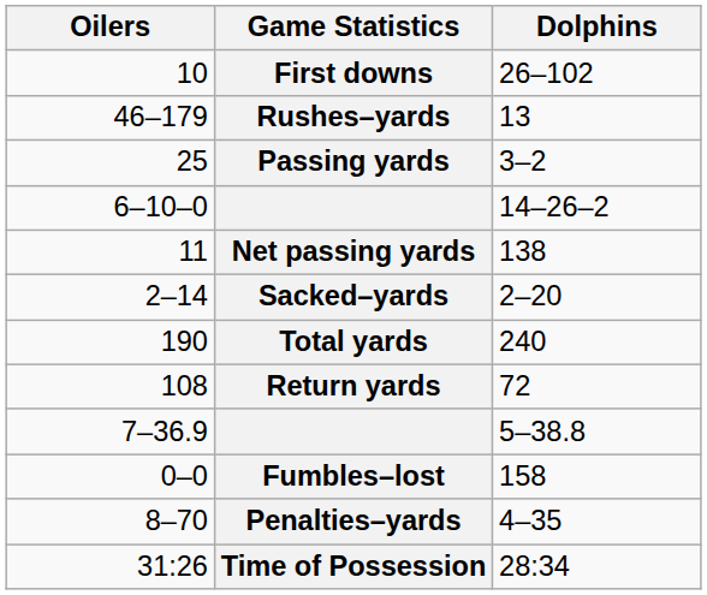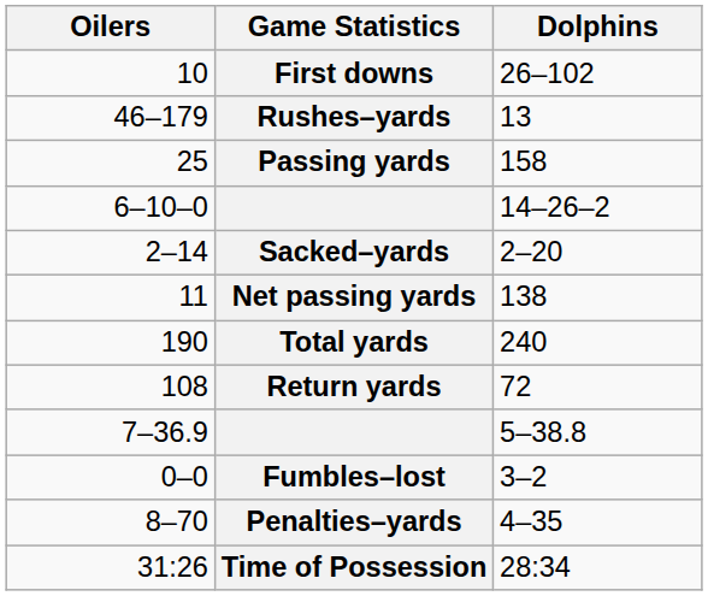 <table class="wikitable" style="margin: 1em auto 1em auto">
 <tr>
 <th style="width:30%;">Oilers</th>
 <th style="width:40%;">Game Statistics</th>
 <th style="width:30%;">Dolphins</th>
 </tr>
 <tr>
 <td style="text-align:right;">10</td>
 <th>First downs</th>
 <td>26–102</td>
 </tr>
 <tr>
 <td style="text-align:right;">46–179</td>
 <th>Rushes–yards</th>
 <td>13</td>
 </tr>
 <tr>
 <td style="text-align:right;">25</td>
 <th>Passing yards</th>
-<td>3–2</td>
+<td>158</td>
 </tr>
 <tr>
 <td style="text-align:right;">6–10–0</td>
 <th></th>
 <td>14–26–2</td>
 </tr>
 <tr>
+<td style="text-align:right;">2–14</td>
+<th>Sacked–yards</th>
+<td>2–20</td>
+</tr>
+<tr>
 <td style="text-align:right;">11</td>
 <th>Net passing yards</th>
 <td>138</td>
-</tr>
-<tr>
-<td style="text-align:right;">2–14</td>
-<th>Sacked–yards</th>
-<td>2–20</td>
 </tr>
 <tr>
 <td style="text-align:right;">190</td>
 <th>Total yards</th>
 <td>240</td>
 </tr>
 <tr>
 <td style="text-align:right;">108</td>
 <th>Return yards</th>
 <td>72</td>
 </tr>
 <tr>
 <td style="text-align:right;">7–36.9</td>
 <th></th>
 <td>5–38.8</td>
 </tr>
 <tr>
 <td style="text-align:right;">0–0</td>
 <th>Fumbles–lost</th>
-<td>158</td>
+<td>3–2</td>
 </tr>
 <tr>
 <td style="text-align:right;">8–70</td>
 <th>Penalties–yards</th>
 <td>4–35</td>
 </tr>
 <tr>
 <td style="text-align:right;">31:26</td>
 <th>Time of Possession</th>
 <td>28:34</td>
 </tr>
 </table>
